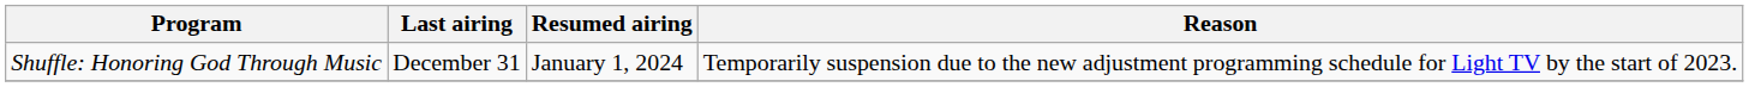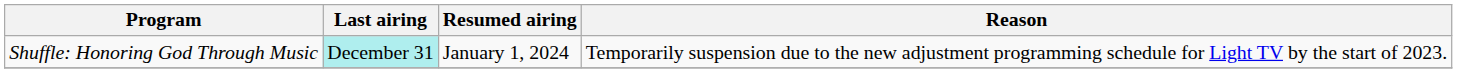 <table class="wikitable">
 <tr>
 <th>Program</th>
 <th>Last airing</th>
 <th>Resumed airing</th>
 <th>Reason</th>
 </tr>
 <tr>
 <td><em>Shuffle: Honoring God Through Music</em></td>
-<td>December 31</td>
+<td style="background: paleturquoise;">December 31</td>
 <td>January 1, 2024</td>
 <td>Temporarily suspension due to the new adjustment programming schedule for <a href='#'>Light TV</a> by the start of 2023.</td>
 </tr>
 <tr>
 </tr>
 </table>
